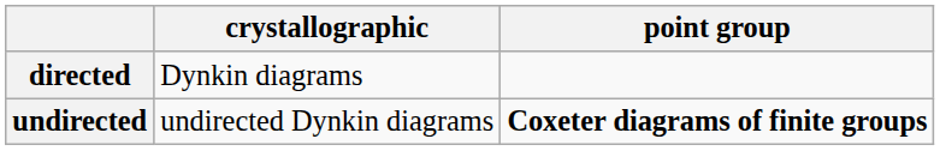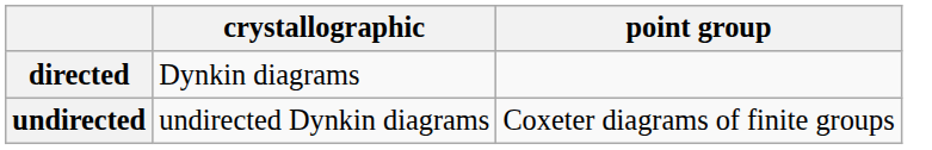 <table class="wikitable" border="1">
 <tr>
 <th></th>
 <th>crystallographic</th>
 <th>point group</th>
 </tr>
 <tr>
 <th>directed</th>
 <td>Dynkin diagrams</td>
 </tr>
 <tr>
 <th>undirected</th>
 <td>undirected Dynkin diagrams</td>
-<td><strong>Coxeter diagrams of finite groups</strong></td>
+<td>Coxeter diagrams of finite groups</td>
 </tr>
 </table>
